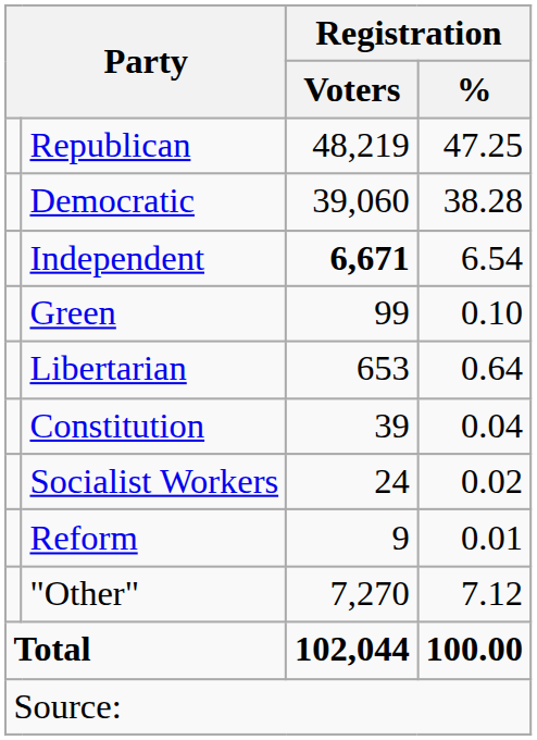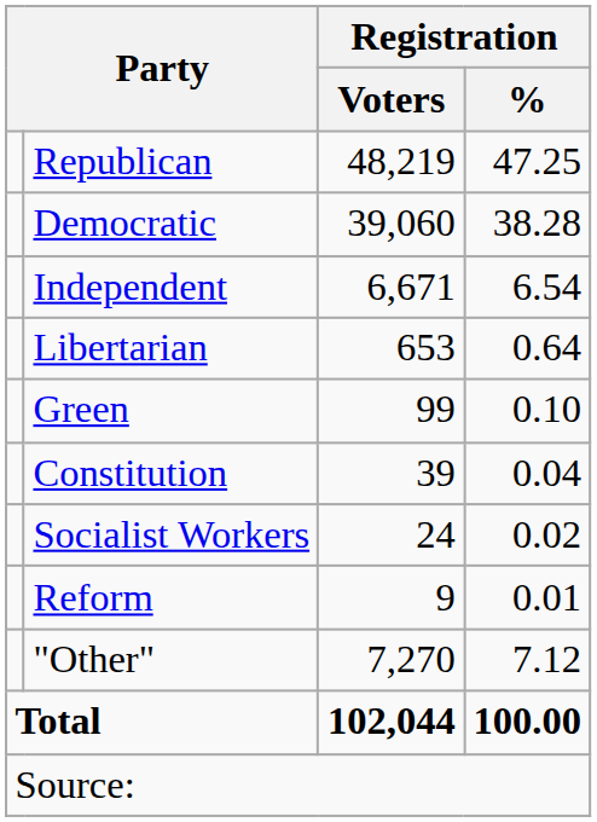 <table class="wikitable">
 <tr>
 <th colspan="2" rowspan="2">Party</th>
 <th colspan="2">Registration</th>
 </tr>
 <tr>
 <th>Voters</th>
 <th>%</th>
 </tr>
 <tr>
 <td style="background-color:"></td>
 <td><a href='#'>Republican</a></td>
 <td style="text-align:right;">48,219</td>
 <td style="text-align:right;">47.25</td>
 </tr>
 <tr>
 <td style="background-color:"></td>
 <td><a href='#'>Democratic</a></td>
 <td style="text-align:right;">39,060</td>
 <td style="text-align:right;">38.28</td>
 </tr>
 <tr>
 <td style="background-color:"></td>
 <td><a href='#'>Independent</a></td>
-<td style="text-align:right;"><strong>6,671</strong></td>
+<td style="text-align:right;">6,671</td>
 <td style="text-align:right;">6.54</td>
+</tr>
+<tr>
+<td style="background-color:"></td>
+<td><a href='#'>Libertarian</a></td>
+<td style="text-align:right;">653</td>
+<td style="text-align:right;">0.64</td>
 </tr>
 <tr>
 <td style="background-color:"></td>
 <td><a href='#'>Green</a></td>
 <td style="text-align:right;">99</td>
 <td style="text-align:right;">0.10</td>
-</tr>
-<tr>
-<td style="background-color:"></td>
-<td><a href='#'>Libertarian</a></td>
-<td style="text-align:right;">653</td>
-<td style="text-align:right;">0.64</td>
 </tr>
 <tr>
 <td style="background-color:"></td>
 <td><a href='#'>Constitution</a></td>
 <td style="text-align:right;">39</td>
 <td style="text-align:right;">0.04</td>
 </tr>
 <tr>
 <td style="background-color:"></td>
 <td><a href='#'>Socialist Workers</a></td>
 <td style="text-align:right;">24</td>
 <td style="text-align:right;">0.02</td>
 </tr>
 <tr>
 <td style="background-color:"></td>
 <td><a href='#'>Reform</a></td>
 <td style="text-align:right;">9</td>
 <td style="text-align:right;">0.01</td>
 </tr>
 <tr>
 <td></td>
 <td>"Other"</td>
 <td style="text-align:right;">7,270</td>
 <td style="text-align:right;">7.12</td>
 </tr>
 <tr>
 <td colspan="2"><strong>Total</strong></td>
 <td style="text-align:right;"><strong>102,044</strong></td>
 <td style="text-align:right;"><strong>100.00</strong></td>
 </tr>
 <tr>
 <td colspan="4">Source: <em></em></td>
 </tr>
 </table>
